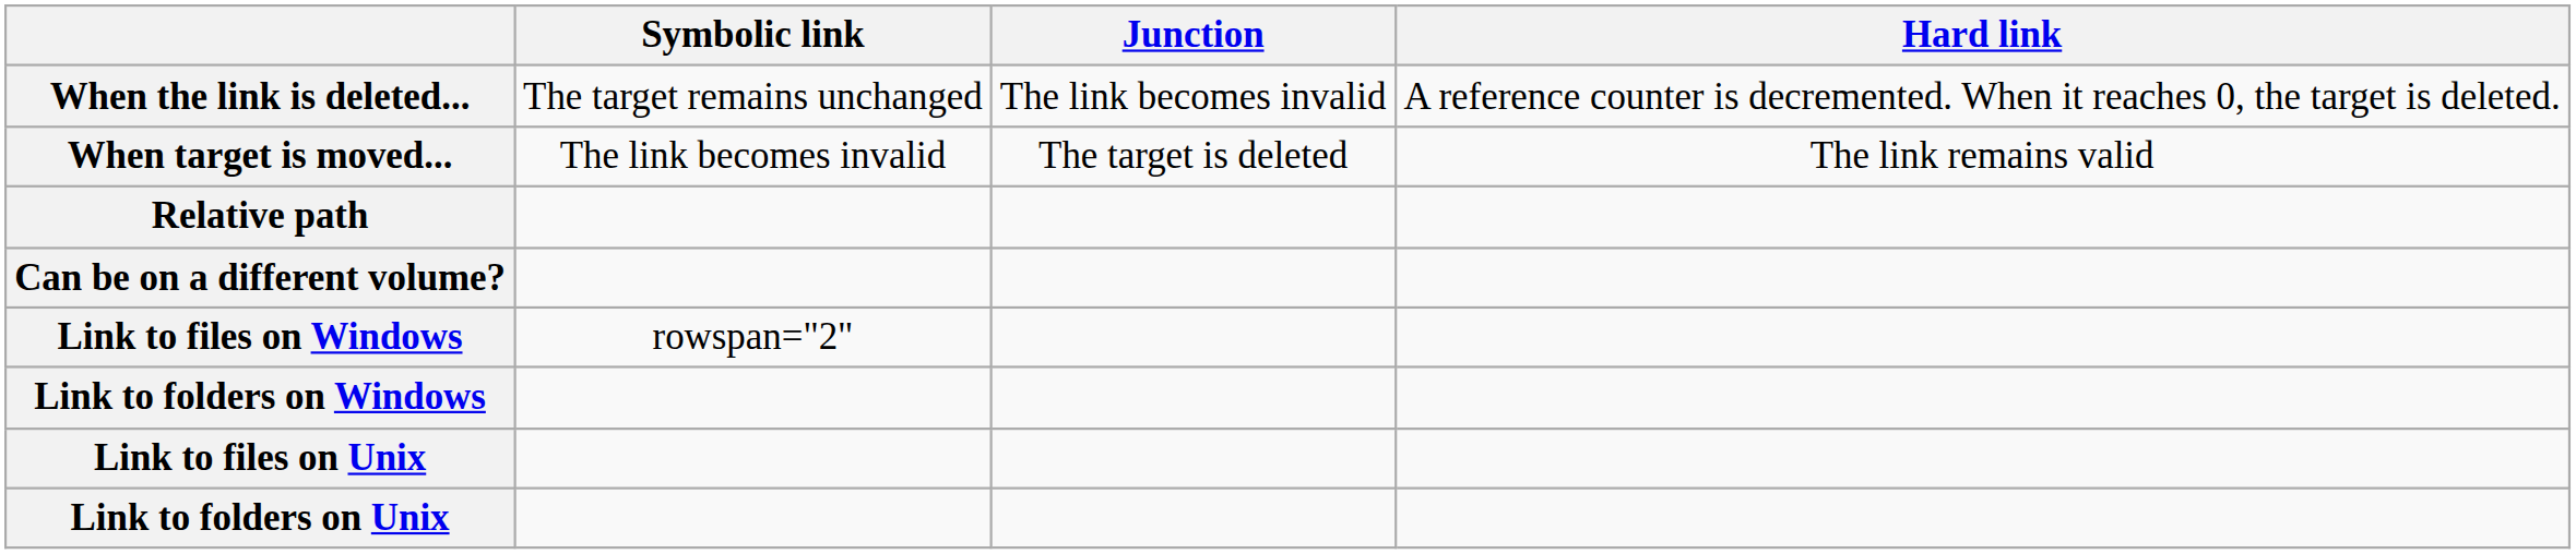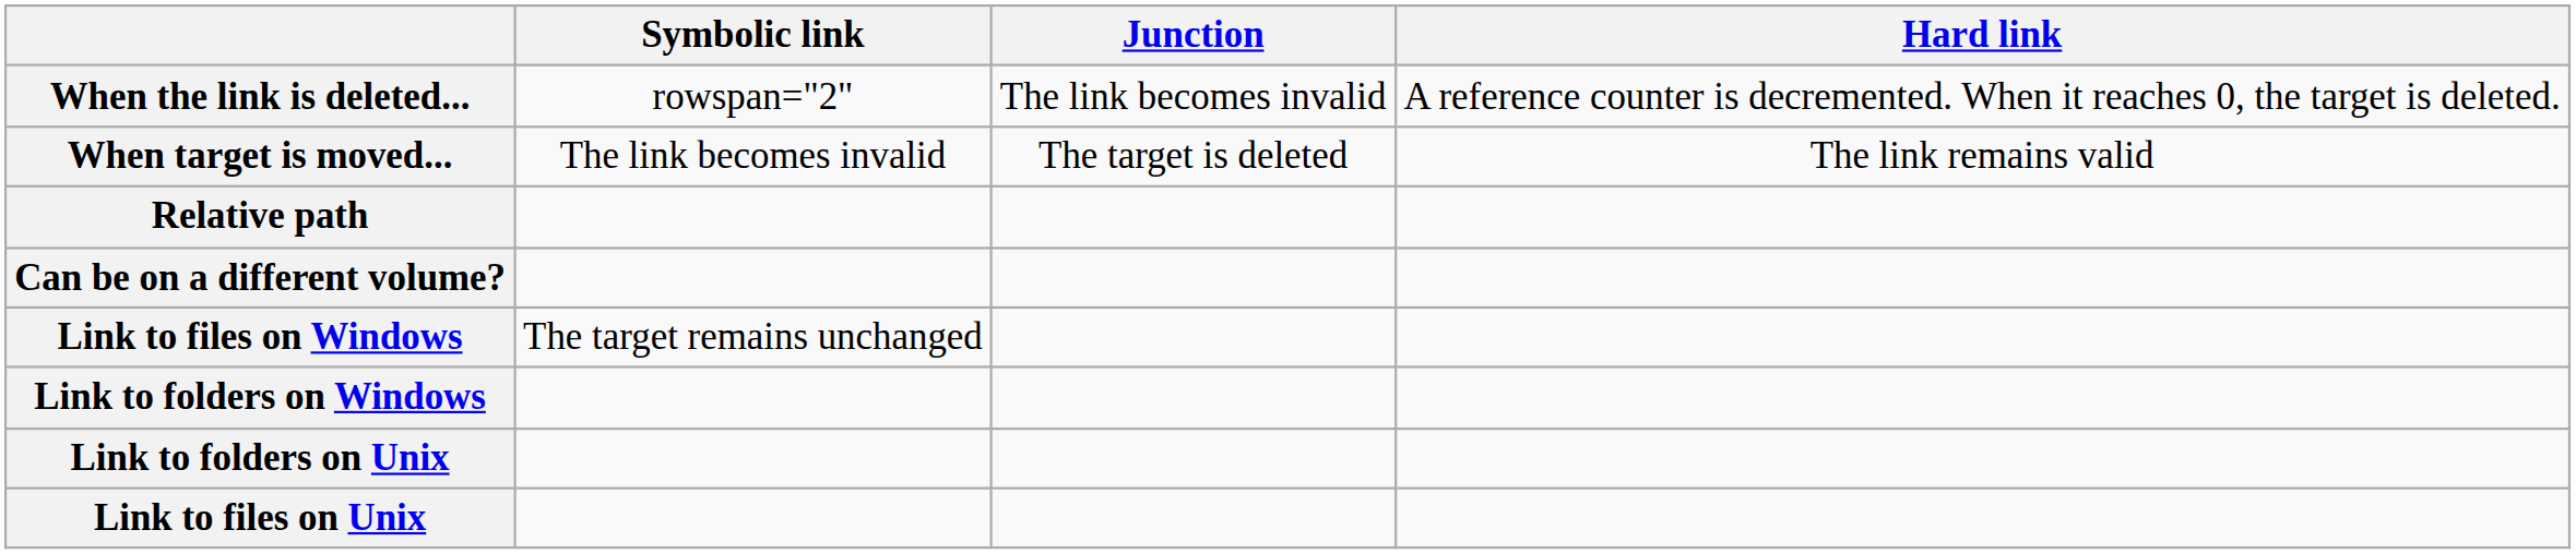 <table class="wikitable plainrowheaders" style="text-align:center">
 <tr>
 <th></th>
 <th>Symbolic link</th>
 <th><a href='#'>Junction</a></th>
 <th><a href='#'>Hard link</a></th>
 </tr>
 <tr>
 <th scope="row">When the link is deleted...</th>
-<td>The target remains unchanged</td>
+<td>rowspan="2" </td>
 <td>The link becomes invalid</td>
 <td>A reference counter is decremented. When it reaches 0, the target is deleted.</td>
 </tr>
 <tr>
 <th scope="row">When target is moved...</th>
 <td>The link becomes invalid</td>
 <td>The target is deleted</td>
 <td>The link remains valid</td>
 </tr>
 <tr>
 <th scope="row">Relative path</th>
 <td></td>
 <td></td>
 <td></td>
 </tr>
 <tr>
 <th scope="row">Can be on a different volume?</th>
 <td></td>
 <td></td>
 <td></td>
 </tr>
 <tr>
 <th scope="row">Link to files on <a href='#'>Windows</a></th>
-<td>rowspan="2" </td>
+<td>The target remains unchanged</td>
 <td></td>
 <td></td>
 </tr>
 <tr>
 <th scope="row">Link to folders on <a href='#'>Windows</a></th>
 <td></td>
 <td></td>
 </tr>
 <tr>
+<th scope="row">Link to folders on <a href='#'>Unix</a></th>
+<td></td>
+<td></td>
+<td></td>
+</tr>
+<tr>
 <th scope="row">Link to files on <a href='#'>Unix</a></th>
 <td></td>
 <td></td>
 <td></td>
 </tr>
-<tr>
-<th scope="row">Link to folders on <a href='#'>Unix</a></th>
-<td></td>
-<td></td>
-<td></td>
-</tr>
 </table>
